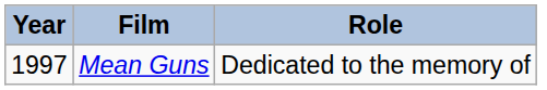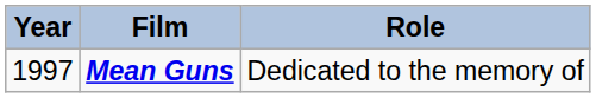 <table class="wikitable" style="font-size:95%;">
 <tr>
 <th style="background:#B0C4DE;">Year</th>
 <th style="background:#B0C4DE;">Film</th>
 <th style="background:#B0C4DE;">Role</th>
 </tr>
 <tr>
 <td>1997</td>
-<td><em><a href='#'>Mean Guns</a></em></td>
+<td><strong><em><a href='#'>Mean Guns</a></em></strong></td>
 <td>Dedicated to the memory of</td>
 </tr>
 </table>
